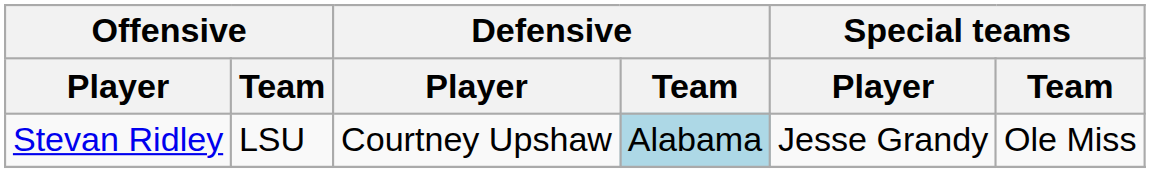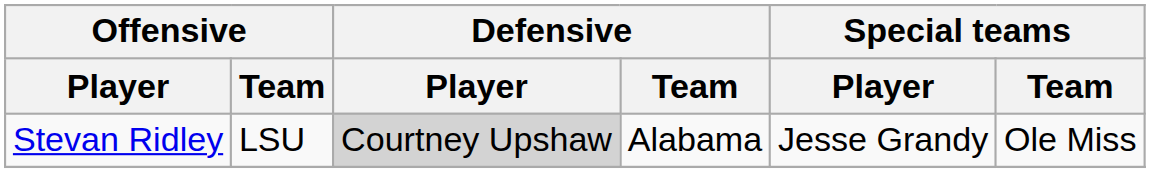 <table class="wikitable" border="1">
 <tr>
 <th colspan="2">Offensive</th>
 <th colspan="2">Defensive</th>
 <th colspan="2">Special teams</th>
 </tr>
 <tr>
 <th>Player</th>
 <th>Team</th>
 <th>Player</th>
 <th>Team</th>
 <th>Player</th>
 <th>Team</th>
 </tr>
 <tr>
 <td><a href='#'>Stevan Ridley</a></td>
 <td>LSU</td>
-<td>Courtney Upshaw</td>
-<td style="background: lightblue;">Alabama</td>
+<td style="background: lightgrey;">Courtney Upshaw</td>
+<td>Alabama</td>
 <td>Jesse Grandy</td>
 <td>Ole Miss</td>
 </tr>
 <tr>
 </tr>
 </table>
